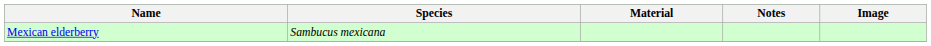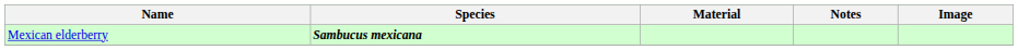 <table class="wikitable" align="center" width="100%" style="background:#D1FFCF;">
 <tr>
 <th>Name</th>
 <th>Species</th>
 <th>Material</th>
 <th>Notes</th>
 <th>Image</th>
 </tr>
 <tr>
 <td><a href='#'>Mexican elderberry</a></td>
-<td><em>Sambucus mexicana</em></td>
+<td><strong><em>Sambucus mexicana</em></strong></td>
 <td></td>
 <td></td>
 <td></td>
 </tr>
 <tr>
 </tr>
 </table>
